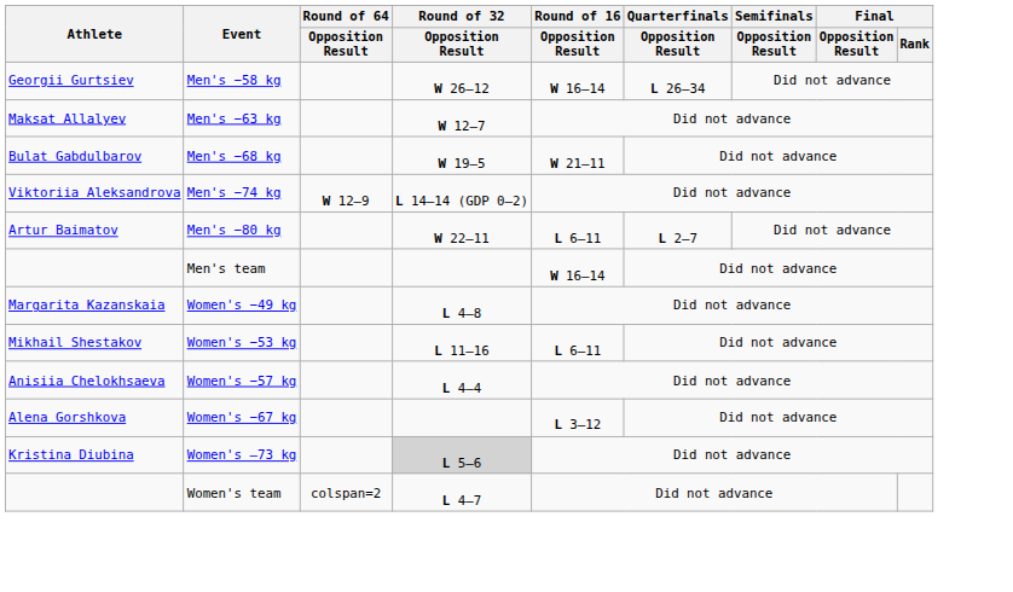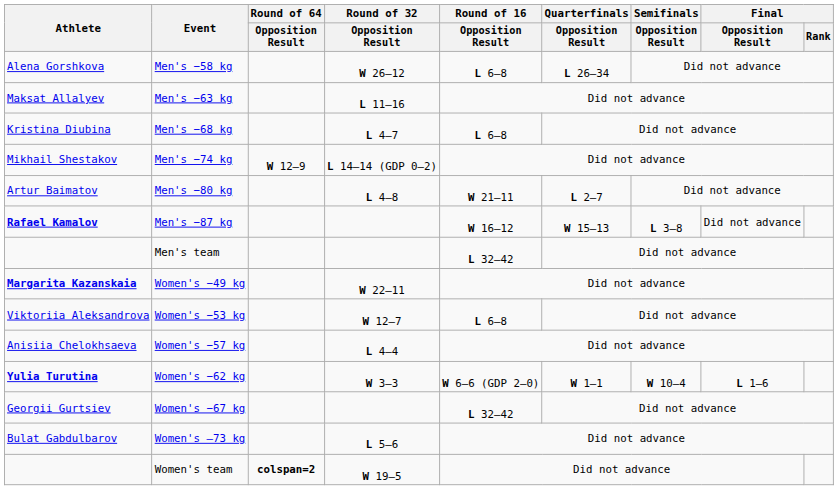 <table class="wikitable" style="text-align:center; font-size:90%">
 <tr>
 <th rowspan=2>Athlete</th>
 <th rowspan=2>Event</th>
 <th>Round of 64</th>
 <th>Round of 32</th>
 <th>Round of 16</th>
 <th>Quarterfinals</th>
 <th>Semifinals</th>
 <th colspan=2>Final</th>
 </tr>
 <tr style="font-size:95%">
 <th>Opposition<br>Result</th>
 <th>Opposition<br>Result</th>
 <th>Opposition<br>Result</th>
 <th>Opposition<br>Result</th>
 <th>Opposition<br>Result</th>
 <th>Opposition<br>Result</th>
 <th>Rank</th>
 </tr>
 <tr>
-<td align=left><a href='#'>Georgii Gurtsiev</a></td>
+<td align=left><a href='#'>Alena Gorshkova</a></td>
 <td align=left><a href='#'>Men's −58 kg</a></td>
 <td></td>
 <td><br><strong>W</strong> 26–12</td>
-<td><br><strong>W</strong> 16–14</td>
+<td><br><strong>L</strong> 6–8</td>
 <td><br><strong>L</strong> 26–34</td>
 <td colspan=3>Did not advance</td>
 </tr>
 <tr>
 <td align=left><a href='#'>Maksat Allalyev</a></td>
 <td align=left><a href='#'>Men's −63 kg</a></td>
 <td></td>
-<td><br><strong>W</strong> 12–7</td>
+<td><br><strong>L</strong> 11–16</td>
 <td colspan=5>Did not advance</td>
 </tr>
 <tr>
-<td align=left><a href='#'>Bulat Gabdulbarov</a></td>
+<td align=left><a href='#'>Kristina Diubina</a></td>
 <td align=left><a href='#'>Men's −68 kg</a></td>
 <td></td>
-<td><br><strong>W</strong> 19–5</td>
-<td><br><strong>W</strong> 21–11</td>
+<td><br><strong>L</strong> 4–7</td>
+<td><br><strong>L</strong> 6–8</td>
 <td colspan=4>Did not advance</td>
 </tr>
 <tr>
-<td align=left><a href='#'>Viktoriia Aleksandrova</a></td>
+<td align=left><a href='#'>Mikhail Shestakov</a></td>
 <td align=left><a href='#'>Men's −74 kg</a></td>
 <td><br><strong>W</strong> 12–9</td>
 <td><br><strong>L</strong> 14–14 (GDP 0–2)</td>
 <td colspan=5>Did not advance</td>
 </tr>
 <tr>
 <td align=left><a href='#'>Artur Baimatov</a></td>
 <td align=left><a href='#'>Men's −80 kg</a></td>
 <td></td>
-<td><br><strong>W</strong> 22–11</td>
-<td><br><strong>L</strong> 6–11</td>
+<td><br><strong>L</strong> 4–8</td>
+<td><br><strong>W</strong> 21–11</td>
 <td><br><strong>L</strong> 2–7</td>
 <td colspan=3>Did not advance</td>
+</tr>
+<tr>
+<td align=left><strong><a href='#'>Rafael Kamalov</a></strong></td>
+<td align=left><a href='#'>Men's −87 kg</a></td>
+<td></td>
+<td></td>
+<td><br><strong>W</strong> 16–12</td>
+<td><br><strong>W</strong> 15–13</td>
+<td><br><strong>L</strong> 3–8</td>
+<td>Did not advance</td>
+<td></td>
 </tr>
 <tr>
 <td align=left></td>
 <td align=left>Men's team</td>
 <td></td>
 <td></td>
-<td><br><strong>W</strong> 16–14</td>
+<td><br><strong>L</strong> 32–42</td>
 <td colspan=4>Did not advance</td>
 </tr>
 <tr>
-<td align=left><a href='#'>Margarita Kazanskaia</a></td>
+<td align=left><strong><a href='#'>Margarita Kazanskaia</a></strong></td>
 <td align=left><a href='#'>Women's −49 kg</a></td>
 <td></td>
-<td><br><strong>L</strong> 4–8</td>
+<td><br><strong>W</strong> 22–11</td>
 <td colspan=5>Did not advance</td>
 </tr>
 <tr>
-<td align=left><a href='#'>Mikhail Shestakov</a></td>
+<td align=left><a href='#'>Viktoriia Aleksandrova</a></td>
 <td align=left><a href='#'>Women's −53 kg</a></td>
 <td></td>
-<td><br><strong>L</strong> 11–16</td>
-<td><br><strong>L</strong> 6–11</td>
+<td><br><strong>W</strong> 12–7</td>
+<td><br><strong>L</strong> 6–8</td>
 <td colspan=4>Did not advance</td>
 </tr>
 <tr>
 <td align=left><a href='#'>Anisiia Chelokhsaeva</a></td>
 <td align=left><a href='#'>Women's −57 kg</a></td>
 <td></td>
 <td><br><strong>L</strong> 4–4</td>
 <td colspan=5>Did not advance</td>
 </tr>
 <tr>
-<td align=left><a href='#'>Alena Gorshkova</a></td>
+<td align=left><strong><a href='#'>Yulia Turutina</a></strong></td>
+<td align=left><a href='#'>Women's −62 kg</a></td>
+<td></td>
+<td><br><strong>W</strong> 3–3</td>
+<td><br><strong>W</strong> 6–6 (GDP 2–0)</td>
+<td><br><strong>W</strong> 1–1</td>
+<td><br><strong>W</strong> 10–4</td>
+<td><br><strong>L</strong> 1–6</td>
+<td></td>
+</tr>
+<tr>
+<td align=left><a href='#'>Georgii Gurtsiev</a></td>
 <td align=left><a href='#'>Women's −67 kg</a></td>
 <td></td>
 <td></td>
-<td><br><strong>L</strong> 3–12</td>
+<td><br><strong>L</strong> 32–42</td>
 <td colspan=4>Did not advance</td>
 </tr>
 <tr>
-<td align=left><a href='#'>Kristina Diubina</a></td>
+<td align=left><a href='#'>Bulat Gabdulbarov</a></td>
 <td align=left><a href='#'>Women's –73 kg</a></td>
 <td></td>
-<td style="background: lightgrey;"><br><strong>L</strong> 5–6</td>
+<td><br><strong>L</strong> 5–6</td>
 <td colspan=5>Did not advance</td>
 </tr>
 <tr>
 <td align=left></td>
 <td align=left>Women's team</td>
-<td>colspan=2 </td>
-<td><br><strong>L</strong> 4–7</td>
+<td><strong>colspan=2 </strong></td>
+<td><br><strong>W</strong> 19–5</td>
 <td colspan=4>Did not advance</td>
 </tr>
 </table>
